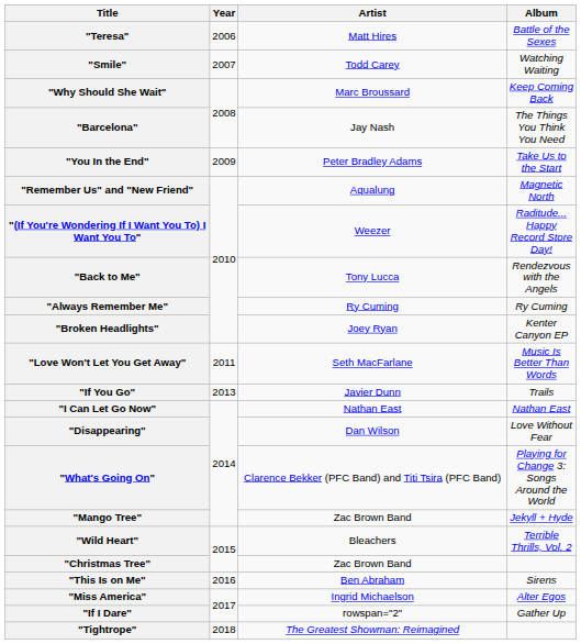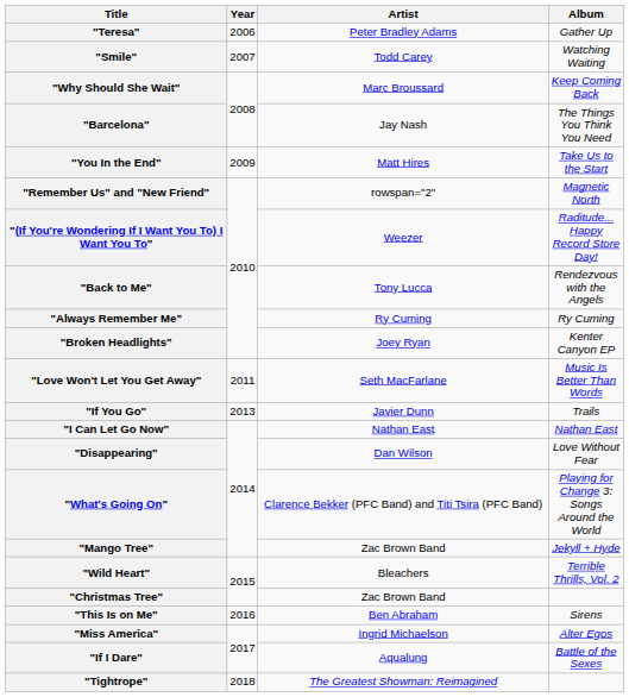 <table class="wikitable plainrowheaders" style="text-align:center;">
 <tr>
 <th scope="col" style="width:19em;">Title</th>
 <th scope="col">Year</th>
 <th scope="col" style="width:25em;">Artist</th>
 <th scope="col">Album</th>
 </tr>
 <tr>
 <th scope="row">"Teresa"</th>
 <td>2006</td>
-<td><a href='#'>Matt Hires</a></td>
-<td><em><a href='#'>Battle of the Sexes</a></em></td>
+<td><a href='#'>Peter Bradley Adams</a></td>
+<td><em>Gather Up</em></td>
 </tr>
 <tr>
 <th scope="row">"Smile"</th>
 <td>2007</td>
 <td><a href='#'>Todd Carey</a></td>
 <td><em>Watching Waiting</em></td>
 </tr>
 <tr>
 <th scope="row">"Why Should She Wait"</th>
 <td rowspan="2">2008</td>
 <td><a href='#'>Marc Broussard</a></td>
 <td><em><a href='#'>Keep Coming Back</a></em></td>
 </tr>
 <tr>
 <th scope="row">"Barcelona"</th>
 <td>Jay Nash</td>
 <td><em>The Things You Think You Need</em></td>
 </tr>
 <tr>
 <th scope="row">"You In the End"</th>
 <td>2009</td>
-<td><a href='#'>Peter Bradley Adams</a></td>
+<td><a href='#'>Matt Hires</a></td>
 <td><em><a href='#'>Take Us to the Start</a></em></td>
 </tr>
 <tr>
 <th scope="row">"Remember Us" and "New Friend"</th>
 <td rowspan="5">2010</td>
-<td><a href='#'>Aqualung</a></td>
+<td>rowspan="2" </td>
 <td><em><a href='#'>Magnetic North</a></em></td>
 </tr>
 <tr>
 <th scope="row">"<a href='#'>(If You're Wondering If I Want You To) I Want You To</a>"</th>
 <td><a href='#'>Weezer</a></td>
 <td><em><a href='#'>Raditude... Happy Record Store Day!</a></em></td>
 </tr>
 <tr>
 <th scope="row">"Back to Me"</th>
 <td><a href='#'>Tony Lucca</a></td>
 <td><em>Rendezvous with the Angels</em></td>
 </tr>
 <tr>
 <th scope="row">"Always Remember Me"</th>
 <td><a href='#'>Ry Cuming</a></td>
 <td><em>Ry Cuming</em></td>
 </tr>
 <tr>
 <th scope="row">"Broken Headlights"</th>
 <td><a href='#'>Joey Ryan</a></td>
 <td><em>Kenter Canyon EP</em></td>
 </tr>
 <tr>
 <th scope="row">"Love Won't Let You Get Away"</th>
 <td>2011</td>
 <td><a href='#'>Seth MacFarlane</a></td>
 <td><em><a href='#'>Music Is Better Than Words</a></em></td>
 </tr>
 <tr>
 <th scope="row">"If You Go"</th>
 <td>2013</td>
 <td><a href='#'>Javier Dunn</a></td>
 <td><em>Trails</em></td>
 </tr>
 <tr>
 <th scope="row">"I Can Let Go Now"</th>
 <td rowspan="4">2014</td>
 <td><a href='#'>Nathan East</a></td>
 <td><em><a href='#'>Nathan East</a></em></td>
 </tr>
 <tr>
 <th scope="row">"Disappearing"</th>
 <td><a href='#'>Dan Wilson</a></td>
 <td><em>Love Without Fear</em></td>
 </tr>
 <tr>
 <th scope="row">"<a href='#'>What's Going On</a>"</th>
 <td><a href='#'>Clarence Bekker</a> (PFC Band) and <a href='#'>Titi Tsira</a> (PFC Band)</td>
 <td><em><a href='#'>Playing for Change</a> 3: Songs Around the World</em></td>
 </tr>
 <tr>
 <th scope="row">"Mango Tree"</th>
 <td>Zac Brown Band</td>
 <td><em><a href='#'>Jekyll + Hyde</a></em></td>
 </tr>
 <tr>
 <th scope="row">"Wild Heart"</th>
 <td rowspan="2">2015</td>
 <td>Bleachers</td>
 <td><em><a href='#'>Terrible Thrills, Vol. 2</a></em></td>
 </tr>
 <tr>
 <th scope="row">"Christmas Tree"</th>
 <td>Zac Brown Band</td>
 <td></td>
 </tr>
 <tr>
 <th scope="row">"This Is on Me"</th>
 <td>2016</td>
 <td><a href='#'>Ben Abraham</a></td>
 <td><em>Sirens</em></td>
 </tr>
 <tr>
 <th scope="row">"Miss America"</th>
 <td rowspan="2">2017</td>
 <td><a href='#'>Ingrid Michaelson</a></td>
 <td><em><a href='#'>Alter Egos</a></em></td>
 </tr>
 <tr>
 <th scope="row">"If I Dare"</th>
-<td>rowspan="2" </td>
-<td><em>Gather Up</em></td>
+<td><a href='#'>Aqualung</a></td>
+<td><em><a href='#'>Battle of the Sexes</a></em></td>
 </tr>
 <tr>
 <th scope="row">"Tightrope"</th>
 <td>2018</td>
 <td><em><a href='#'>The Greatest Showman: Reimagined</a></em></td>
 </tr>
 </table>
